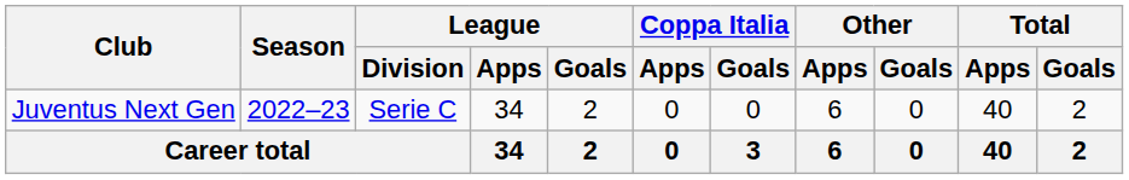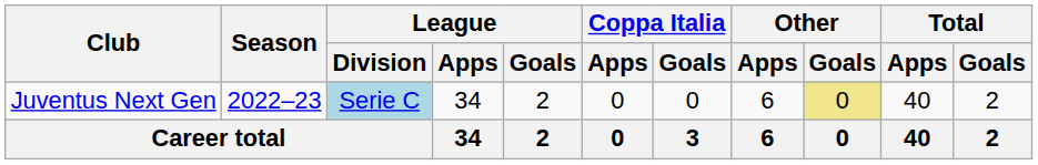 <table class="wikitable" style="text-align:center">
 <tr>
 <th rowspan="2">Club</th>
 <th rowspan="2">Season</th>
 <th colspan="3">League</th>
 <th colspan="2"><a href='#'>Coppa Italia</a></th>
 <th colspan="2">Other</th>
 <th colspan="2">Total</th>
 </tr>
 <tr>
 <th>Division</th>
 <th>Apps</th>
 <th>Goals</th>
 <th>Apps</th>
 <th>Goals</th>
 <th>Apps</th>
 <th>Goals</th>
 <th>Apps</th>
 <th>Goals</th>
 </tr>
 <tr>
 <td><a href='#'>Juventus Next Gen</a></td>
 <td><a href='#'>2022–23</a></td>
-<td><a href='#'>Serie C</a></td>
+<td style="background: lightblue;"><a href='#'>Serie C</a></td>
 <td>34</td>
 <td>2</td>
 <td>0</td>
 <td>0</td>
 <td>6</td>
-<td>0</td>
+<td style="background: khaki;">0</td>
 <td>40</td>
 <td>2</td>
 </tr>
 <tr>
 <th colspan="3">Career total</th>
 <th>34</th>
 <th>2</th>
 <th>0</th>
 <th>3</th>
 <th>6</th>
 <th>0</th>
 <th>40</th>
 <th>2</th>
 </tr>
 </table>
